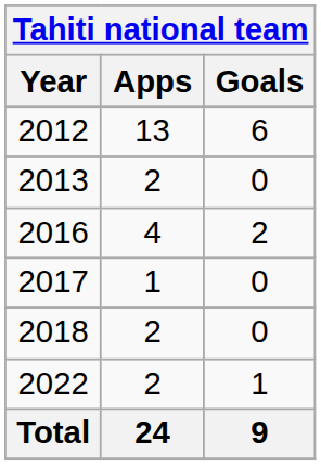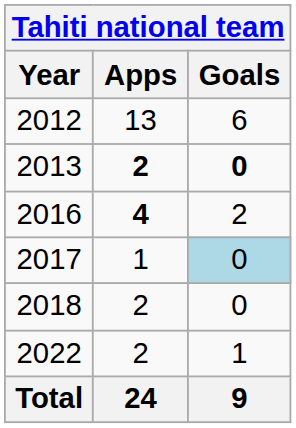 <table class="wikitable" style="text-align:center">
 <tr>
 <th colspan=3><a href='#'>Tahiti national team</a></th>
 </tr>
 <tr>
 <th>Year</th>
 <th>Apps</th>
 <th>Goals</th>
 </tr>
 <tr>
 <td>2012</td>
 <td>13</td>
 <td>6</td>
 </tr>
 <tr>
 <td>2013</td>
-<td>2</td>
-<td>0</td>
+<td><strong>2</strong></td>
+<td><strong>0</strong></td>
 </tr>
 <tr>
 <td>2016</td>
-<td>4</td>
+<td><strong>4</strong></td>
 <td>2</td>
 </tr>
 <tr>
 <td>2017</td>
 <td>1</td>
-<td>0</td>
+<td style="background: lightblue;">0</td>
 </tr>
 <tr>
 <td>2018</td>
 <td>2</td>
 <td>0</td>
 </tr>
 <tr>
 <td>2022</td>
 <td>2</td>
 <td>1</td>
 </tr>
 <tr>
 <th>Total</th>
 <th>24</th>
 <th>9</th>
 </tr>
 </table>
